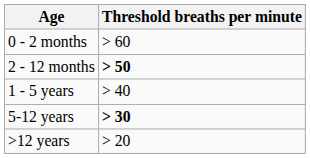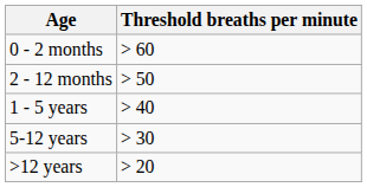 <table class="wikitable">
 <tr>
 <th>Age</th>
 <th>Threshold breaths per minute</th>
 </tr>
 <tr>
 <td>0 - 2 months</td>
 <td>> 60</td>
 </tr>
 <tr>
 <td>2 - 12 months</td>
-<td><strong>> 50</strong></td>
+<td>> 50</td>
 </tr>
 <tr>
 <td>1 - 5 years</td>
 <td>> 40</td>
 </tr>
 <tr>
 <td>5-12 years</td>
-<td><strong>> 30</strong></td>
+<td>> 30</td>
 </tr>
 <tr>
 <td>>12 years</td>
 <td>> 20</td>
 </tr>
 </table>
